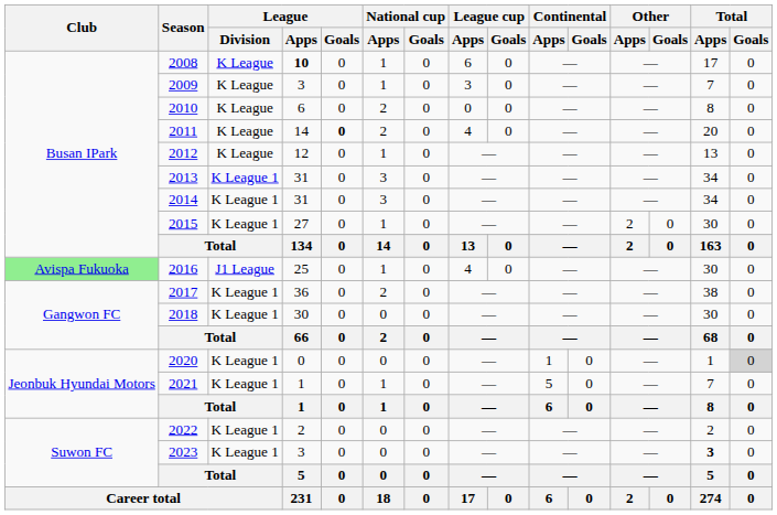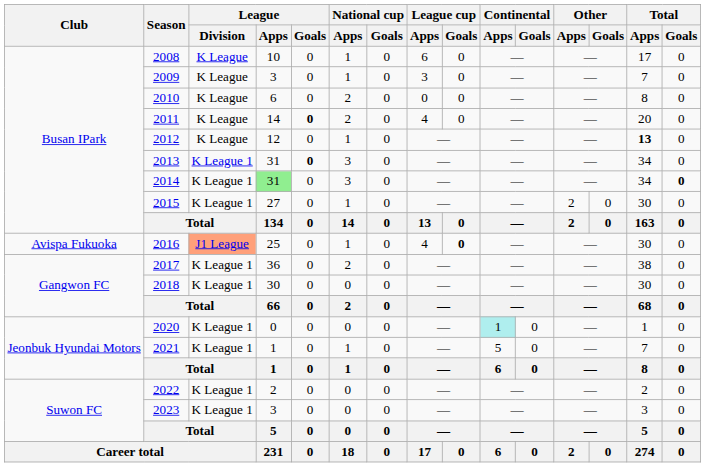 <table class="wikitable" style="text-align:center">
 <tr>
 <th rowspan="2">Club</th>
 <th rowspan="2">Season</th>
 <th colspan="3">League</th>
 <th colspan="2">National cup</th>
 <th colspan="2">League cup</th>
 <th colspan="2">Continental</th>
 <th colspan="2">Other</th>
 <th colspan="2">Total</th>
 </tr>
 <tr>
 <th>Division</th>
 <th>Apps</th>
 <th>Goals</th>
 <th>Apps</th>
 <th>Goals</th>
 <th>Apps</th>
 <th>Goals</th>
 <th>Apps</th>
 <th>Goals</th>
 <th>Apps</th>
 <th>Goals</th>
 <th>Apps</th>
 <th>Goals</th>
 </tr>
 <tr>
 <td rowspan="9"><a href='#'>Busan IPark</a></td>
 <td><a href='#'>2008</a></td>
 <td><a href='#'>K League</a></td>
-<td><strong>10</strong></td>
+<td>10</td>
 <td>0</td>
 <td>1</td>
 <td>0</td>
 <td>6</td>
 <td>0</td>
 <td colspan="2">—</td>
 <td colspan="2">—</td>
 <td>17</td>
 <td>0</td>
 </tr>
 <tr>
 <td><a href='#'>2009</a></td>
 <td>K League</td>
 <td>3</td>
 <td>0</td>
 <td>1</td>
 <td>0</td>
 <td>3</td>
 <td>0</td>
 <td colspan="2">—</td>
 <td colspan="2">—</td>
 <td>7</td>
 <td>0</td>
 </tr>
 <tr>
 <td><a href='#'>2010</a></td>
 <td>K League</td>
 <td>6</td>
 <td>0</td>
 <td>2</td>
 <td>0</td>
 <td>0</td>
 <td>0</td>
 <td colspan="2">—</td>
 <td colspan="2">—</td>
 <td>8</td>
 <td>0</td>
 </tr>
 <tr>
 <td><a href='#'>2011</a></td>
 <td>K League</td>
 <td>14</td>
 <td><strong>0</strong></td>
 <td>2</td>
 <td>0</td>
 <td>4</td>
 <td>0</td>
 <td colspan="2">—</td>
 <td colspan="2">—</td>
 <td>20</td>
 <td>0</td>
 </tr>
 <tr>
 <td><a href='#'>2012</a></td>
 <td>K League</td>
 <td>12</td>
 <td>0</td>
 <td>1</td>
 <td>0</td>
 <td colspan="2">—</td>
 <td colspan="2">—</td>
 <td colspan="2">—</td>
-<td>13</td>
+<td><strong>13</strong></td>
 <td>0</td>
 </tr>
 <tr>
 <td><a href='#'>2013</a></td>
 <td><a href='#'>K League 1</a></td>
 <td>31</td>
-<td>0</td>
+<td><strong>0</strong></td>
 <td>3</td>
 <td>0</td>
 <td colspan="2">—</td>
 <td colspan="2">—</td>
 <td colspan="2">—</td>
 <td>34</td>
 <td>0</td>
 </tr>
 <tr>
 <td><a href='#'>2014</a></td>
 <td>K League 1</td>
-<td>31</td>
+<td style="background: lightgreen;">31</td>
 <td>0</td>
 <td>3</td>
 <td>0</td>
 <td colspan="2">—</td>
 <td colspan="2">—</td>
 <td colspan="2">—</td>
 <td>34</td>
-<td>0</td>
+<td><strong>0</strong></td>
 </tr>
 <tr>
 <td><a href='#'>2015</a></td>
 <td>K League 1</td>
 <td>27</td>
 <td>0</td>
 <td>1</td>
 <td>0</td>
 <td colspan="2">—</td>
 <td colspan="2">—</td>
 <td>2</td>
 <td>0</td>
 <td>30</td>
 <td>0</td>
 </tr>
 <tr>
 <th colspan="2">Total</th>
 <th>134</th>
 <th>0</th>
 <th>14</th>
 <th>0</th>
 <th>13</th>
 <th>0</th>
 <th colspan="2">—</th>
 <th>2</th>
 <th>0</th>
 <th>163</th>
 <th>0</th>
 </tr>
 <tr>
-<td style="background: lightgreen;"><a href='#'>Avispa Fukuoka</a></td>
+<td><a href='#'>Avispa Fukuoka</a></td>
 <td><a href='#'>2016</a></td>
-<td><a href='#'>J1 League</a></td>
+<td style="background: lightsalmon;"><a href='#'>J1 League</a></td>
 <td>25</td>
 <td>0</td>
 <td>1</td>
 <td>0</td>
 <td>4</td>
-<td>0</td>
+<td><strong>0</strong></td>
 <td colspan="2">—</td>
 <td colspan="2">—</td>
 <td>30</td>
 <td>0</td>
 </tr>
 <tr>
 <td rowspan="3"><a href='#'>Gangwon FC</a></td>
 <td><a href='#'>2017</a></td>
 <td>K League 1</td>
 <td>36</td>
 <td>0</td>
 <td>2</td>
 <td>0</td>
 <td colspan="2">—</td>
 <td colspan="2">—</td>
 <td colspan="2">—</td>
 <td>38</td>
 <td>0</td>
 </tr>
 <tr>
 <td><a href='#'>2018</a></td>
 <td>K League 1</td>
 <td>30</td>
 <td>0</td>
 <td>0</td>
 <td>0</td>
 <td colspan="2">—</td>
 <td colspan="2">—</td>
 <td colspan="2">—</td>
 <td>30</td>
 <td>0</td>
 </tr>
 <tr>
 <th colspan="2">Total</th>
 <th>66</th>
 <th>0</th>
 <th>2</th>
 <th>0</th>
 <th colspan="2">—</th>
 <th colspan="2">—</th>
 <th colspan="2">—</th>
 <th>68</th>
 <th>0</th>
 </tr>
 <tr>
 <td rowspan="3"><a href='#'>Jeonbuk Hyundai Motors</a></td>
 <td><a href='#'>2020</a></td>
 <td>K League 1</td>
 <td>0</td>
 <td>0</td>
 <td>0</td>
 <td>0</td>
 <td colspan="2">—</td>
-<td>1</td>
+<td style="background: paleturquoise;">1</td>
 <td>0</td>
 <td colspan="2">—</td>
 <td>1</td>
-<td style="background: lightgrey;">0</td>
+<td>0</td>
 </tr>
 <tr>
 <td><a href='#'>2021</a></td>
 <td>K League 1</td>
 <td>1</td>
 <td>0</td>
 <td>1</td>
 <td>0</td>
 <td colspan="2">—</td>
 <td>5</td>
 <td>0</td>
 <td colspan="2">—</td>
 <td>7</td>
 <td>0</td>
 </tr>
 <tr>
 <th colspan="2">Total</th>
 <th>1</th>
 <th>0</th>
 <th>1</th>
 <th>0</th>
 <th colspan="2">—</th>
 <th>6</th>
 <th>0</th>
 <th colspan="2">—</th>
 <th>8</th>
 <th>0</th>
 </tr>
 <tr>
 <td rowspan="3"><a href='#'>Suwon FC</a></td>
 <td><a href='#'>2022</a></td>
 <td>K League 1</td>
 <td>2</td>
 <td>0</td>
 <td>0</td>
 <td>0</td>
 <td colspan="2">—</td>
 <td colspan="2">—</td>
 <td colspan="2">—</td>
 <td>2</td>
 <td>0</td>
 </tr>
 <tr>
 <td><a href='#'>2023</a></td>
 <td>K League 1</td>
 <td>3</td>
 <td>0</td>
 <td>0</td>
 <td>0</td>
 <td colspan="2">—</td>
 <td colspan="2">—</td>
 <td colspan="2">—</td>
-<td><strong>3</strong></td>
+<td>3</td>
 <td>0</td>
 </tr>
 <tr>
 <th colspan="2">Total</th>
 <th>5</th>
 <th>0</th>
 <th>0</th>
 <th>0</th>
 <th colspan="2">—</th>
 <th colspan="2">—</th>
 <th colspan="2">—</th>
 <th>5</th>
 <th>0</th>
 </tr>
 <tr>
 <th colspan="3">Career total</th>
 <th>231</th>
 <th>0</th>
 <th>18</th>
 <th>0</th>
 <th>17</th>
 <th>0</th>
 <th>6</th>
 <th>0</th>
 <th>2</th>
 <th>0</th>
 <th>274</th>
 <th>0</th>
 </tr>
 </table>
